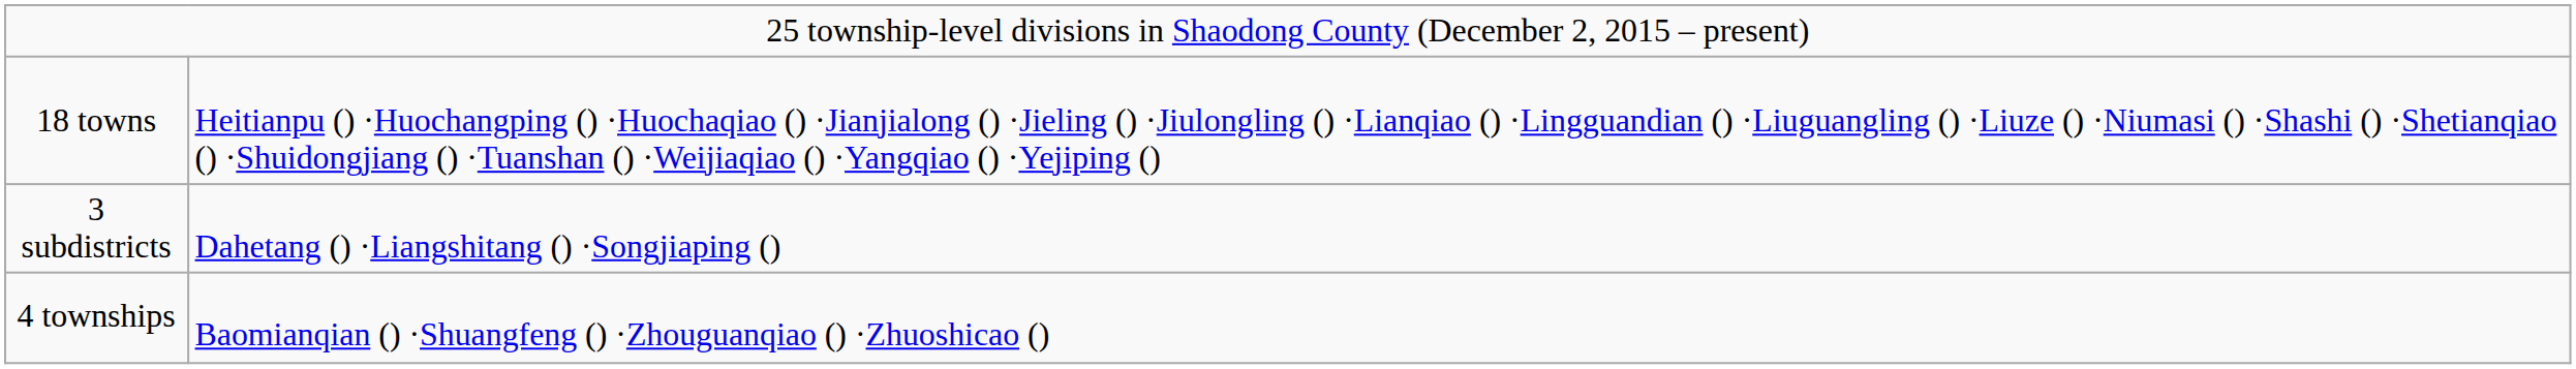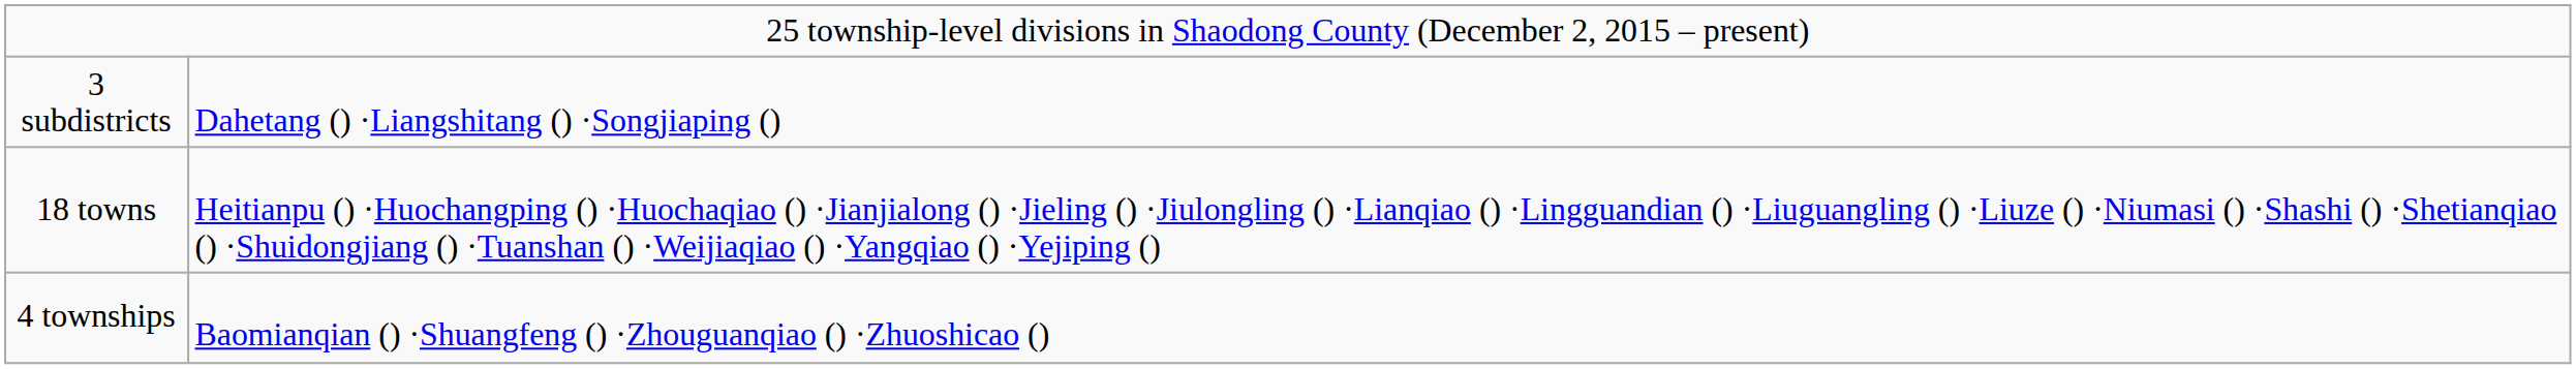 <table class="wikitable">
 <tr>
 <td style="text-align:center;" colspan="2">25 township-level divisions in <a href='#'>Shaodong County</a> (December 2, 2015 – present)</td>
+</tr>
+<tr align=left>
+<td align=center>3 subdistricts</td>
+<td><br><a href='#'>Dahetang</a> () ·<a href='#'>Liangshitang</a> () ·<a href='#'>Songjiaping</a> ()</td>
 </tr>
 <tr align=left>
 <td align=center>18 towns</td>
 <td><br><a href='#'>Heitianpu</a> () ·<a href='#'>Huochangping</a> () ·<a href='#'>Huochaqiao</a> () ·<a href='#'>Jianjialong</a> () ·<a href='#'>Jieling</a> () ·<a href='#'>Jiulongling</a> () ·<a href='#'>Lianqiao</a> () ·<a href='#'>Lingguandian</a> () ·<a href='#'>Liuguangling</a> () ·<a href='#'>Liuze</a> () ·<a href='#'>Niumasi</a> () ·<a href='#'>Shashi</a> () ·<a href='#'>Shetianqiao</a> () ·<a href='#'>Shuidongjiang</a> () ·<a href='#'>Tuanshan</a> () ·<a href='#'>Weijiaqiao</a> () ·<a href='#'>Yangqiao</a> () ·<a href='#'>Yejiping</a> ()</td>
 </tr>
 <tr align=left>
-<td align=center>3 subdistricts</td>
-<td><br><a href='#'>Dahetang</a> () ·<a href='#'>Liangshitang</a> () ·<a href='#'>Songjiaping</a> ()</td>
-</tr>
-<tr align=left>
 <td align=center>4 townships</td>
 <td><br><a href='#'>Baomianqian</a> () ·<a href='#'>Shuangfeng</a> () ·<a href='#'>Zhouguanqiao</a> () ·<a href='#'>Zhuoshicao</a> ()</td>
 </tr>
 </table>
